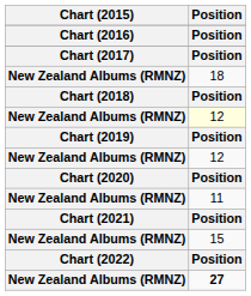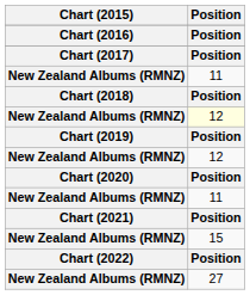 <table class="wikitable sortable plainrowheaders">
 <tr>
 <th>Chart (2015)</th>
 <th>Position</th>
 </tr>
 <tr>
 </tr>
 <tr>
 <th>Chart (2016)</th>
 <th>Position</th>
 </tr>
 <tr>
 </tr>
 <tr>
 <th>Chart (2017)</th>
 <th>Position</th>
 </tr>
 <tr>
 <th scope="row">New Zealand Albums (RMNZ)</th>
-<td style="text-align:center;">18</td>
+<td style="text-align:center;">11</td>
 </tr>
 <tr>
 <th>Chart (2018)</th>
 <th>Position</th>
 </tr>
 <tr>
 <th scope="row">New Zealand Albums (RMNZ)</th>
 <td style="background: lightyellow; text-align:center;">12</td>
 </tr>
 <tr>
 <th>Chart (2019)</th>
 <th>Position</th>
 </tr>
 <tr>
 <th scope="row">New Zealand Albums (RMNZ)</th>
 <td style="text-align:center;">12</td>
 </tr>
 <tr>
 <th>Chart (2020)</th>
 <th>Position</th>
 </tr>
 <tr>
 <th scope="row">New Zealand Albums (RMNZ)</th>
 <td style="text-align:center;">11</td>
 </tr>
 <tr>
 <th>Chart (2021)</th>
 <th>Position</th>
 </tr>
 <tr>
 <th scope="row">New Zealand Albums (RMNZ)</th>
 <td style="text-align:center;">15</td>
 </tr>
 <tr>
 <th>Chart (2022)</th>
 <th>Position</th>
 </tr>
 <tr>
 <th scope="row">New Zealand Albums (RMNZ)</th>
-<td style="text-align:center;"><strong>27</strong></td>
+<td style="text-align:center;">27</td>
 </tr>
 </table>
